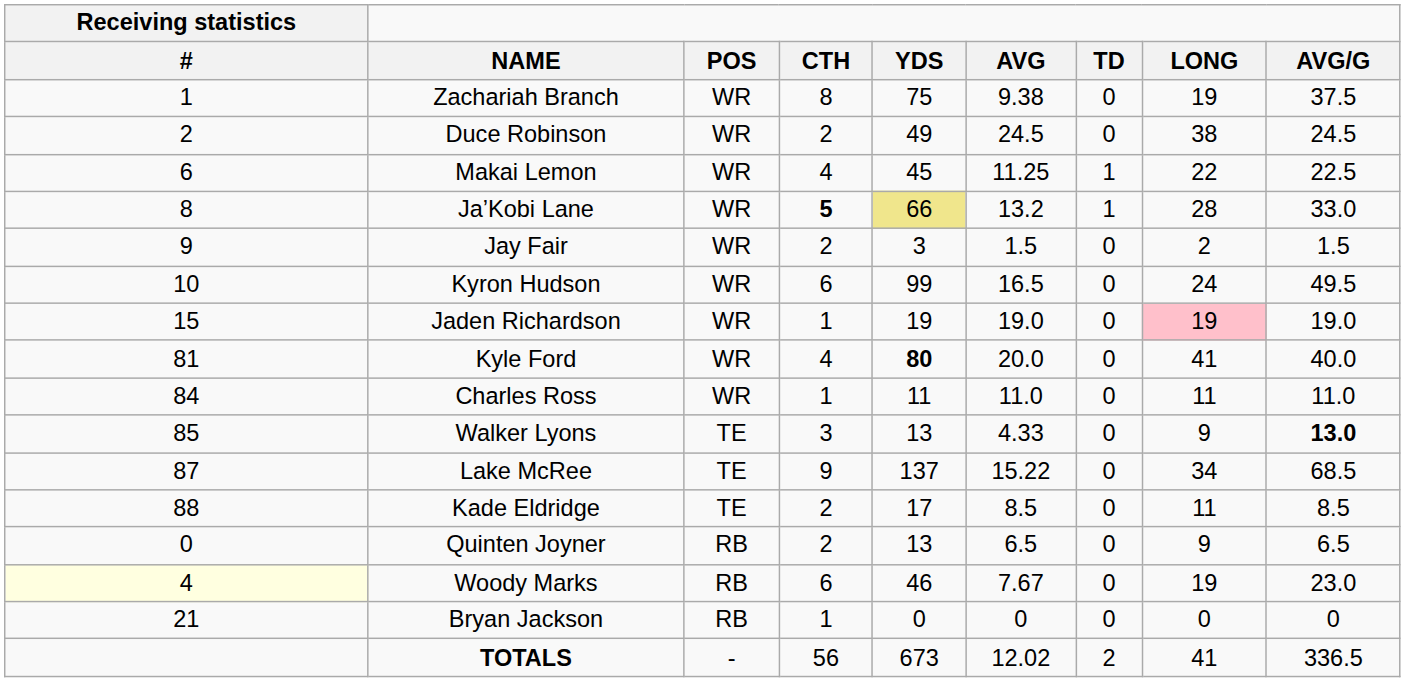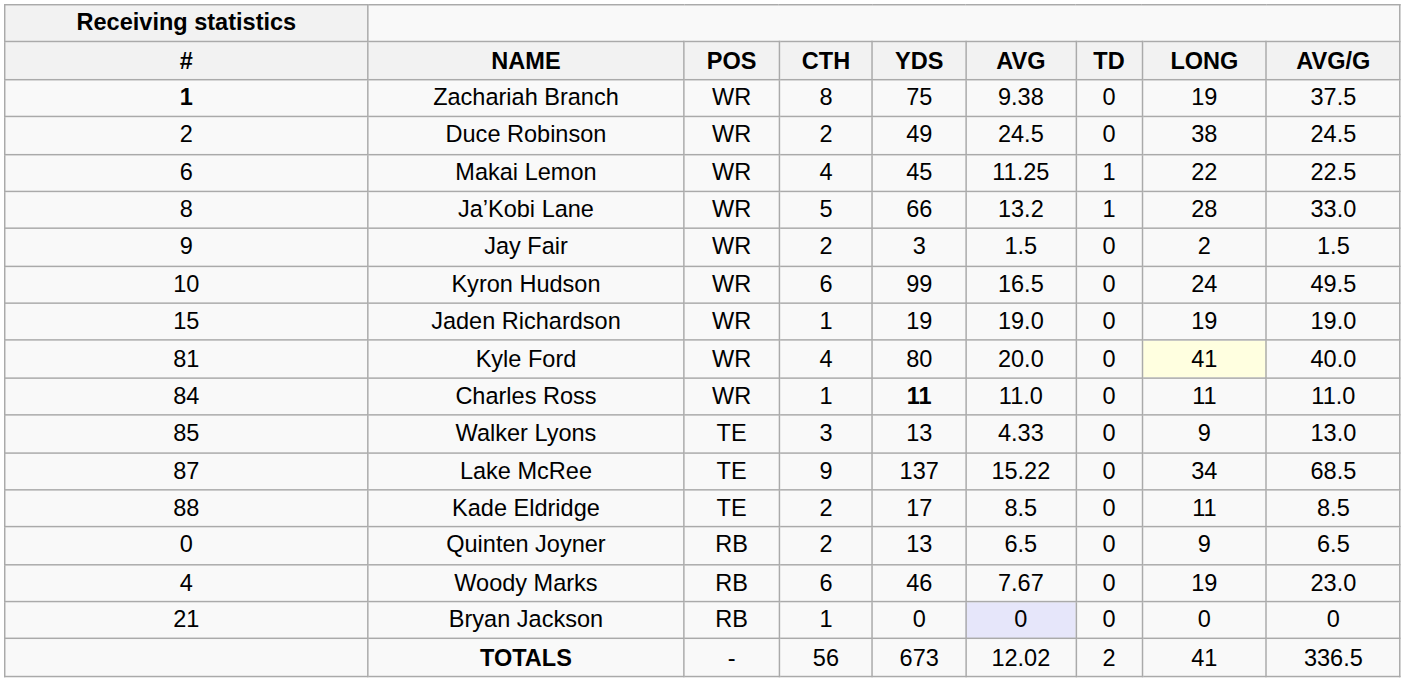 <table style="width:60%; text-align:center;" class="wikitable collapsible collapsed">
 <tr>
 <th style="text-align:center; ">Receiving statistics</th>
 </tr>
 <tr>
 <th>#</th>
 <th>NAME</th>
 <th>POS</th>
 <th>CTH</th>
 <th>YDS</th>
 <th>AVG</th>
 <th>TD</th>
 <th>LONG</th>
 <th>AVG/G</th>
 </tr>
 <tr>
-<td>1</td>
+<td><strong>1</strong></td>
 <td>Zachariah Branch</td>
 <td>WR</td>
 <td>8</td>
 <td>75</td>
 <td>9.38</td>
 <td>0</td>
 <td>19</td>
 <td>37.5</td>
 </tr>
 <tr>
 <td>2</td>
 <td>Duce Robinson</td>
 <td>WR</td>
 <td>2</td>
 <td>49</td>
 <td>24.5</td>
 <td>0</td>
 <td>38</td>
 <td>24.5</td>
 </tr>
 <tr>
 <td>6</td>
 <td>Makai Lemon</td>
 <td>WR</td>
 <td>4</td>
 <td>45</td>
 <td>11.25</td>
 <td>1</td>
 <td>22</td>
 <td>22.5</td>
 </tr>
 <tr>
 <td>8</td>
 <td>Ja’Kobi Lane</td>
 <td>WR</td>
-<td><strong>5</strong></td>
-<td style="background: khaki;">66</td>
+<td>5</td>
+<td>66</td>
 <td>13.2</td>
 <td>1</td>
 <td>28</td>
 <td>33.0</td>
 </tr>
 <tr>
 <td>9</td>
 <td>Jay Fair</td>
 <td>WR</td>
 <td>2</td>
 <td>3</td>
 <td>1.5</td>
 <td>0</td>
 <td>2</td>
 <td>1.5</td>
 </tr>
 <tr>
 <td>10</td>
 <td>Kyron Hudson</td>
 <td>WR</td>
 <td>6</td>
 <td>99</td>
 <td>16.5</td>
 <td>0</td>
 <td>24</td>
 <td>49.5</td>
 </tr>
 <tr>
 <td>15</td>
 <td>Jaden Richardson</td>
 <td>WR</td>
 <td>1</td>
 <td>19</td>
 <td>19.0</td>
 <td>0</td>
-<td style="background: pink;">19</td>
+<td>19</td>
 <td>19.0</td>
 </tr>
 <tr>
 <td>81</td>
 <td>Kyle Ford</td>
 <td>WR</td>
 <td>4</td>
-<td><strong>80</strong></td>
+<td>80</td>
 <td>20.0</td>
 <td>0</td>
-<td>41</td>
+<td style="background: lightyellow;">41</td>
 <td>40.0</td>
 </tr>
 <tr>
 <td>84</td>
 <td>Charles Ross</td>
 <td>WR</td>
 <td>1</td>
-<td>11</td>
+<td><strong>11</strong></td>
 <td>11.0</td>
 <td>0</td>
 <td>11</td>
 <td>11.0</td>
 </tr>
 <tr>
 <td>85</td>
 <td>Walker Lyons</td>
 <td>TE</td>
 <td>3</td>
 <td>13</td>
 <td>4.33</td>
 <td>0</td>
 <td>9</td>
-<td><strong>13.0</strong></td>
+<td>13.0</td>
 </tr>
 <tr>
 <td>87</td>
 <td>Lake McRee</td>
 <td>TE</td>
 <td>9</td>
 <td>137</td>
 <td>15.22</td>
 <td>0</td>
 <td>34</td>
 <td>68.5</td>
 </tr>
 <tr>
 <td>88</td>
 <td>Kade Eldridge</td>
 <td>TE</td>
 <td>2</td>
 <td>17</td>
 <td>8.5</td>
 <td>0</td>
 <td>11</td>
 <td>8.5</td>
 </tr>
 <tr>
 <td>0</td>
 <td>Quinten Joyner</td>
 <td>RB</td>
 <td>2</td>
 <td>13</td>
 <td>6.5</td>
 <td>0</td>
 <td>9</td>
 <td>6.5</td>
 </tr>
 <tr>
-<td style="background: lightyellow;">4</td>
+<td>4</td>
 <td>Woody Marks</td>
 <td>RB</td>
 <td>6</td>
 <td>46</td>
 <td>7.67</td>
 <td>0</td>
 <td>19</td>
 <td>23.0</td>
 </tr>
 <tr>
 <td>21</td>
 <td>Bryan Jackson</td>
 <td>RB</td>
 <td>1</td>
 <td>0</td>
-<td>0</td>
+<td style="background: lavender;">0</td>
 <td>0</td>
 <td>0</td>
 <td>0</td>
 </tr>
 <tr>
 <td></td>
 <td><strong>TOTALS</strong></td>
 <td>-</td>
 <td>56</td>
 <td>673</td>
 <td>12.02</td>
 <td>2</td>
 <td>41</td>
 <td>336.5</td>
 </tr>
 </table>
